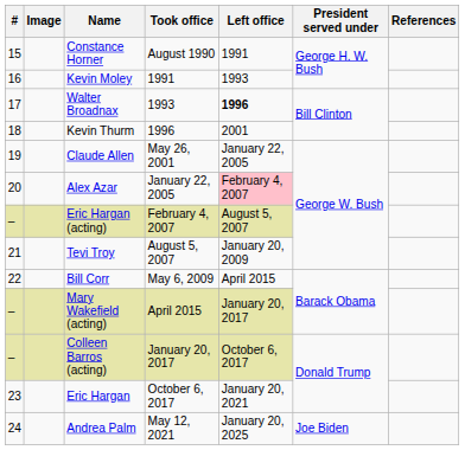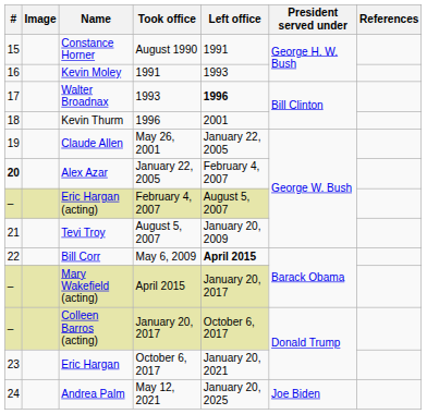 <table class="wikitable">
 <tr>
 <th>#</th>
 <th>Image</th>
 <th>Name</th>
 <th>Took office</th>
 <th>Left office</th>
 <th>President served under</th>
 <th>References</th>
 </tr>
 <tr>
 <td>15</td>
 <td></td>
 <td><a href='#'>Constance Horner</a></td>
 <td>August 1990</td>
 <td>1991</td>
 <td rowspan=2><a href='#'>George H. W. Bush</a></td>
 <td></td>
 </tr>
 <tr>
 <td>16</td>
 <td></td>
 <td><a href='#'>Kevin Moley</a></td>
 <td>1991</td>
 <td>1993</td>
 <td></td>
 </tr>
 <tr>
 <td>17</td>
 <td></td>
 <td><a href='#'>Walter Broadnax</a></td>
 <td>1993</td>
 <td><strong>1996</strong></td>
 <td rowspan=2><a href='#'>Bill Clinton</a></td>
 <td></td>
 </tr>
 <tr>
 <td>18</td>
 <td></td>
 <td>Kevin Thurm</td>
 <td>1996</td>
 <td>2001</td>
 <td></td>
 </tr>
 <tr>
 <td>19</td>
 <td></td>
 <td><a href='#'>Claude Allen</a></td>
 <td>May 26, 2001</td>
 <td>January 22, 2005</td>
 <td rowspan=4><a href='#'>George W. Bush</a></td>
 <td></td>
 </tr>
 <tr>
-<td>20</td>
+<td><strong>20</strong></td>
 <td></td>
 <td><a href='#'>Alex Azar</a></td>
 <td>January 22, 2005</td>
-<td style="background: pink;">February 4, 2007</td>
+<td>February 4, 2007</td>
 <td></td>
 </tr>
 <tr>
 <td style="background:#e6e6aa;">–</td>
 <td style="background:#e6e6aa;"></td>
 <td style="background:#e6e6aa;"><a href='#'>Eric Hargan</a><br>(acting)</td>
 <td style="background:#e6e6aa;">February 4, 2007</td>
 <td style="background:#e6e6aa;">August 5, 2007</td>
 <td></td>
 </tr>
 <tr>
 <td>21</td>
 <td></td>
 <td><a href='#'>Tevi Troy</a></td>
 <td>August 5, 2007</td>
 <td>January 20, 2009</td>
 <td></td>
 </tr>
 <tr>
 <td>22</td>
 <td></td>
 <td><a href='#'>Bill Corr</a></td>
 <td>May 6, 2009</td>
-<td>April 2015</td>
+<td><strong>April 2015</strong></td>
 <td rowspan=2><a href='#'>Barack Obama</a></td>
 <td></td>
 </tr>
 <tr>
 <td style="background:#e6e6aa;">–</td>
 <td style="background:#e6e6aa;"></td>
 <td style="background:#e6e6aa;"><a href='#'>Mary Wakefield</a><br>(acting)</td>
 <td style="background:#e6e6aa;">April 2015</td>
 <td style="background:#e6e6aa;">January 20, 2017</td>
 <td></td>
 </tr>
 <tr>
 <td style="background:#e6e6aa;">–</td>
 <td style="background:#e6e6aa;"></td>
 <td style="background:#e6e6aa;"><a href='#'>Colleen Barros</a><br>(acting)</td>
 <td style="background:#e6e6aa;">January 20, 2017</td>
 <td style="background:#e6e6aa;">October 6, 2017</td>
 <td rowspan=2><a href='#'>Donald Trump</a></td>
 <td></td>
 </tr>
 <tr>
 <td>23</td>
 <td></td>
 <td><a href='#'>Eric Hargan</a></td>
 <td>October 6, 2017</td>
 <td>January 20, 2021</td>
 <td></td>
 </tr>
 <tr>
 <td>24</td>
 <td></td>
 <td><a href='#'>Andrea Palm</a></td>
 <td>May 12, 2021</td>
 <td>January 20, 2025</td>
 <td><a href='#'>Joe Biden</a></td>
 <td></td>
 </tr>
 </table>
